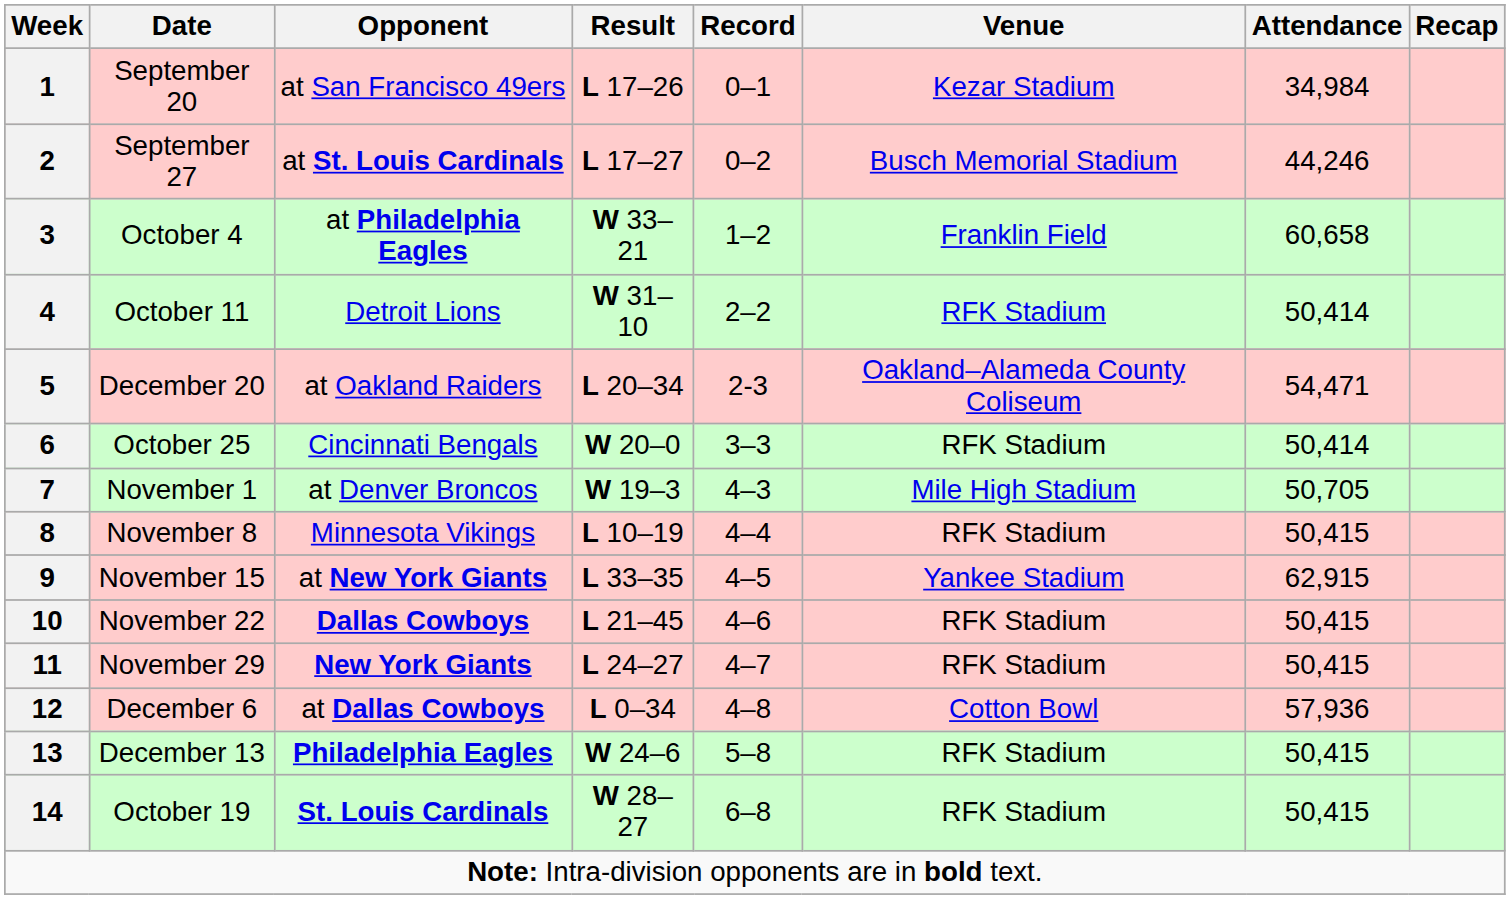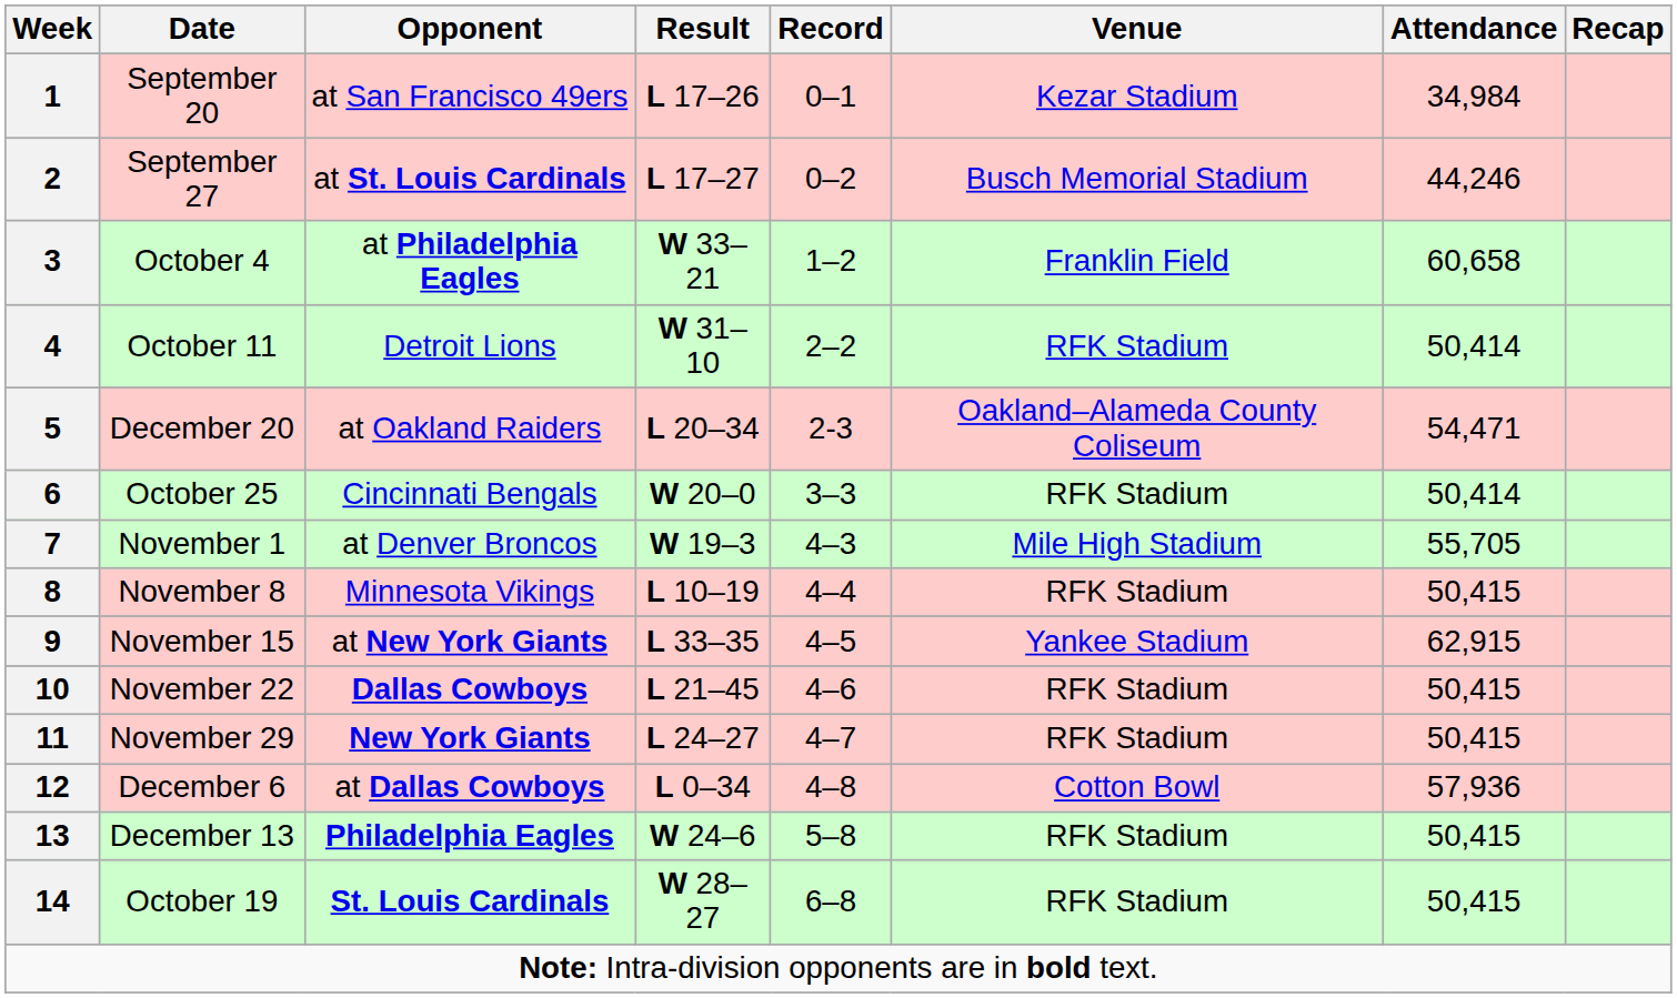 <table class="wikitable" style="text-align:center">
 <tr>
 <th>Week</th>
 <th>Date</th>
 <th>Opponent</th>
 <th>Result</th>
 <th>Record</th>
 <th>Venue</th>
 <th>Attendance</th>
 <th>Recap</th>
 </tr>
 <tr style="background:#fcc">
 <th>1</th>
 <td>September 20</td>
 <td>at <a href='#'>San Francisco 49ers</a></td>
 <td><strong>L</strong> 17–26</td>
 <td>0–1</td>
 <td><a href='#'>Kezar Stadium</a></td>
 <td>34,984</td>
 <td></td>
 </tr>
 <tr style="background:#fcc">
 <th>2</th>
 <td>September 27</td>
 <td>at <strong><a href='#'>St. Louis Cardinals</a></strong></td>
 <td><strong>L</strong> 17–27</td>
 <td>0–2</td>
 <td><a href='#'>Busch Memorial Stadium</a></td>
 <td>44,246</td>
 <td></td>
 </tr>
 <tr style="background:#cfc">
 <th>3</th>
 <td>October 4</td>
 <td>at <strong><a href='#'>Philadelphia Eagles</a></strong></td>
 <td><strong>W</strong> 33–21</td>
 <td>1–2</td>
 <td><a href='#'>Franklin Field</a></td>
 <td>60,658</td>
 <td></td>
 </tr>
 <tr style="background:#cfc">
 <th>4</th>
 <td>October 11</td>
 <td><a href='#'>Detroit Lions</a></td>
 <td><strong>W</strong> 31–10</td>
 <td>2–2</td>
 <td><a href='#'>RFK Stadium</a></td>
 <td>50,414</td>
 <td></td>
 </tr>
 <tr style="background:#fcc">
 <th>5</th>
 <td>December 20</td>
 <td>at <a href='#'>Oakland Raiders</a></td>
 <td><strong>L</strong> 20–34</td>
 <td>2-3</td>
 <td><a href='#'>Oakland–Alameda County Coliseum</a></td>
 <td>54,471</td>
 <td></td>
 </tr>
 <tr style="background:#cfc">
 <th>6</th>
 <td>October 25</td>
 <td><a href='#'>Cincinnati Bengals</a></td>
 <td><strong>W</strong> 20–0</td>
 <td>3–3</td>
 <td>RFK Stadium</td>
 <td>50,414</td>
 <td></td>
 </tr>
 <tr style="background:#cfc">
 <th>7</th>
 <td>November 1</td>
 <td>at <a href='#'>Denver Broncos</a></td>
 <td><strong>W</strong> 19–3</td>
 <td>4–3</td>
 <td><a href='#'>Mile High Stadium</a></td>
-<td>50,705</td>
+<td>55,705</td>
 <td></td>
 </tr>
 <tr style="background:#fcc">
 <th>8</th>
 <td>November 8</td>
 <td><a href='#'>Minnesota Vikings</a></td>
 <td><strong>L</strong> 10–19</td>
 <td>4–4</td>
 <td>RFK Stadium</td>
 <td>50,415</td>
 <td></td>
 </tr>
 <tr style="background:#fcc">
 <th>9</th>
 <td>November 15</td>
 <td>at <strong><a href='#'>New York Giants</a></strong></td>
 <td><strong>L</strong> 33–35</td>
 <td>4–5</td>
 <td><a href='#'>Yankee Stadium</a></td>
 <td>62,915</td>
 <td></td>
 </tr>
 <tr style="background:#fcc">
 <th>10</th>
 <td>November 22</td>
 <td><strong><a href='#'>Dallas Cowboys</a></strong></td>
 <td><strong>L</strong> 21–45</td>
 <td>4–6</td>
 <td>RFK Stadium</td>
 <td>50,415</td>
 <td></td>
 </tr>
 <tr style="background:#fcc">
 <th>11</th>
 <td>November 29</td>
 <td><strong><a href='#'>New York Giants</a></strong></td>
 <td><strong>L</strong> 24–27</td>
 <td>4–7</td>
 <td>RFK Stadium</td>
 <td>50,415</td>
 <td></td>
 </tr>
 <tr style="background:#fcc">
 <th>12</th>
 <td>December 6</td>
 <td>at <strong><a href='#'>Dallas Cowboys</a></strong></td>
 <td><strong>L</strong> 0–34</td>
 <td>4–8</td>
 <td><a href='#'>Cotton Bowl</a></td>
 <td>57,936</td>
 <td></td>
 </tr>
 <tr style="background:#cfc">
 <th>13</th>
 <td>December 13</td>
 <td><strong><a href='#'>Philadelphia Eagles</a></strong></td>
 <td><strong>W</strong> 24–6</td>
 <td>5–8</td>
 <td>RFK Stadium</td>
 <td>50,415</td>
 <td></td>
 </tr>
 <tr style="background:#cfc">
 <th>14</th>
 <td>October 19</td>
 <td><strong><a href='#'>St. Louis Cardinals</a></strong></td>
 <td><strong>W</strong> 28–27</td>
 <td>6–8</td>
 <td>RFK Stadium</td>
 <td>50,415</td>
 <td></td>
 </tr>
 <tr>
 <td colspan="8"><strong>Note:</strong> Intra-division opponents are in <strong>bold</strong> text.</td>
 </tr>
 </table>
